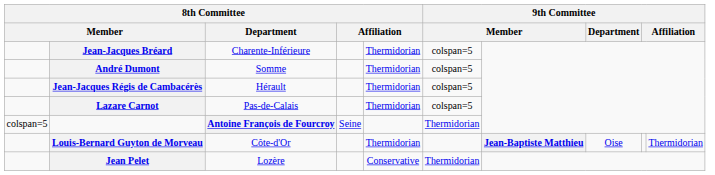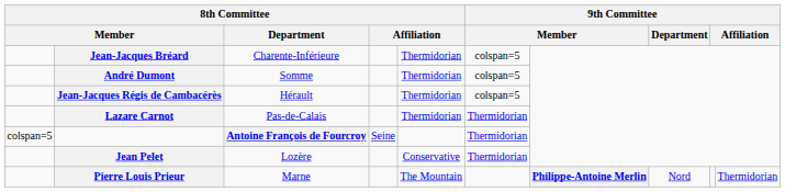 <table class="wikitable" style="line-height:1.4em; text-align:center">
 <tr>
 <th colspan=5>8th Committee<br></th>
 <th colspan=5>9th Committee<br></th>
 </tr>
 <tr>
 <th colspan=2>Member</th>
 <th>Department</th>
 <th colspan=2>Affiliation</th>
 <th colspan=2>Member</th>
 <th>Department</th>
 <th colspan=2>Affiliation</th>
 </tr>
 <tr>
 <td></td>
 <th><a href='#'>Jean-Jacques Bréard</a></th>
 <td><a href='#'>Charente-Inférieure</a></td>
 <td></td>
 <td><a href='#'>Thermidorian</a></td>
 <td>colspan=5 </td>
 </tr>
 <tr>
 <td></td>
 <th><a href='#'>André Dumont</a></th>
 <td><a href='#'>Somme</a></td>
 <td></td>
 <td><a href='#'>Thermidorian</a></td>
 <td>colspan=5 </td>
 </tr>
 <tr>
 <td></td>
 <th><a href='#'>Jean-Jacques Régis de Cambacérès</a></th>
 <td><a href='#'>Hérault</a></td>
 <td></td>
 <td><a href='#'>Thermidorian</a></td>
 <td>colspan=5 </td>
 </tr>
 <tr>
 <td></td>
 <th><a href='#'>Lazare Carnot</a></th>
 <td><a href='#'>Pas-de-Calais</a></td>
 <td></td>
 <td><a href='#'>Thermidorian</a></td>
-<td>colspan=5 </td>
+<td><a href='#'>Thermidorian</a></td>
 </tr>
 <tr>
 <td>colspan=5 </td>
 <td></td>
 <th><a href='#'>Antoine François de Fourcroy</a></th>
 <td><a href='#'>Seine</a></td>
 <td></td>
 <td><a href='#'>Thermidorian</a></td>
 </tr>
 <tr>
 <td></td>
-<th><a href='#'>Louis-Bernard Guyton de Morveau</a></th>
-<td><a href='#'>Côte-d'Or</a></td>
-<td></td>
-<td><a href='#'>Thermidorian</a></td>
-<td></td>
-<th><a href='#'>Jean-Baptiste Matthieu</a></th>
-<td><a href='#'>Oise</a></td>
-<td></td>
-<td><a href='#'>Thermidorian</a></td>
-</tr>
-<tr>
-<td></td>
 <th><a href='#'>Jean Pelet</a></th>
 <td><a href='#'>Lozère</a></td>
 <td></td>
 <td><a href='#'>Conservative</a></td>
 <td><a href='#'>Thermidorian</a></td>
 </tr>
+<tr>
+<td></td>
+<th><a href='#'>Pierre Louis Prieur</a></th>
+<td><a href='#'>Marne</a></td>
+<td></td>
+<td><a href='#'>The Mountain</a></td>
+<td></td>
+<th><a href='#'>Philippe-Antoine Merlin</a></th>
+<td><a href='#'>Nord</a></td>
+<td></td>
+<td><a href='#'>Thermidorian</a></td>
+</tr>
 </table>
